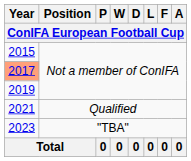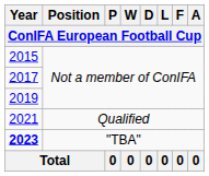 <table class="wikitable" style="text-align: center;">
 <tr>
 <th>Year</th>
 <th>Position</th>
 <th>P</th>
 <th>W</th>
 <th>D</th>
 <th>L</th>
 <th>F</th>
 <th>A</th>
 </tr>
 <tr>
 <th colspan=8><a href='#'>ConIFA European Football Cup</a></th>
 </tr>
 <tr>
 <td> <a href='#'>2015</a></td>
 <td colspan="7" rowspan="3"><em>Not a member of ConIFA</em></td>
 </tr>
 <tr>
-<td style="background: lightsalmon;"> <a href='#'>2017</a></td>
+<td> <a href='#'>2017</a></td>
 </tr>
 <tr>
 <td> <a href='#'>2019</a></td>
 </tr>
 <tr>
 <td> <a href='#'>2021</a></td>
 <td colspan="7"><em>Qualified</em></td>
 </tr>
 <tr>
-<td> <a href='#'>2023</a></td>
+<td><strong> <a href='#'>2023</a></strong></td>
 <td colspan="7">"TBA"</td>
 </tr>
 <tr>
 <th colspan=2>Total</th>
 <th>0</th>
 <th>0</th>
 <th>0</th>
 <th>0</th>
 <th>0</th>
 <th>0</th>
 </tr>
 </table>
